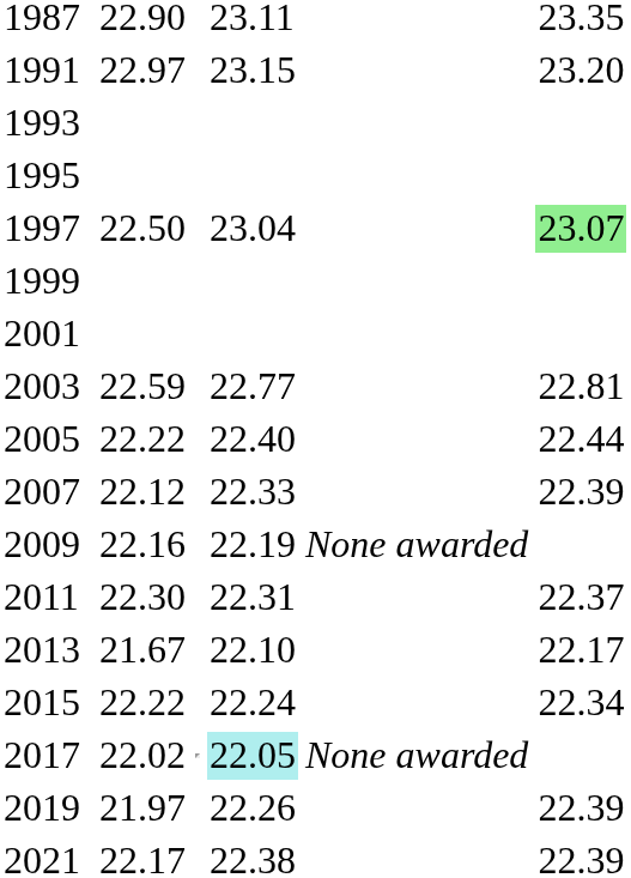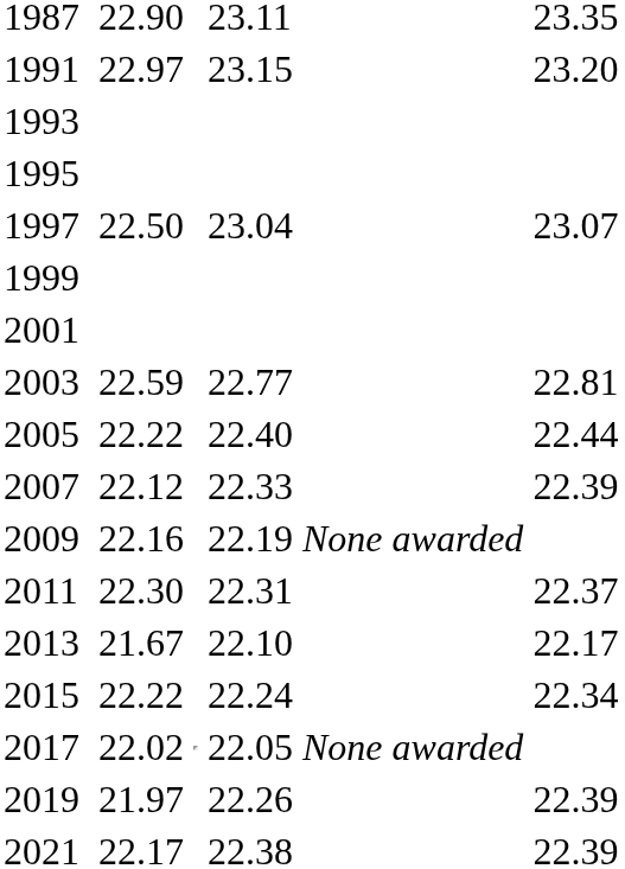 <table>
 <tr>
 <td>1987</td>
 <td></td>
 <td>22.90</td>
 <td></td>
 <td>23.11</td>
 <td></td>
 <td>23.35</td>
 </tr>
 <tr>
 <td>1991</td>
 <td></td>
 <td>22.97</td>
 <td></td>
 <td>23.15</td>
 <td><br></td>
 <td>23.20</td>
 </tr>
 <tr>
 <td>1993</td>
 <td></td>
 <td></td>
 <td></td>
 <td></td>
 <td></td>
 <td></td>
 </tr>
 <tr>
 <td>1995</td>
 <td></td>
 <td></td>
 <td></td>
 <td></td>
 <td></td>
 <td></td>
 </tr>
 <tr>
 <td>1997</td>
 <td></td>
 <td>22.50</td>
 <td></td>
 <td>23.04</td>
 <td></td>
-<td style="background: lightgreen;">23.07</td>
+<td>23.07</td>
 </tr>
 <tr>
 <td>1999</td>
 <td></td>
 <td></td>
 <td></td>
 <td></td>
 <td></td>
 <td></td>
 </tr>
 <tr>
 <td>2001</td>
 <td></td>
 <td></td>
 <td></td>
 <td></td>
 <td></td>
 <td></td>
 </tr>
 <tr>
 <td>2003</td>
 <td></td>
 <td>22.59</td>
 <td></td>
 <td>22.77</td>
 <td></td>
 <td>22.81</td>
 </tr>
 <tr>
 <td>2005</td>
 <td></td>
 <td>22.22</td>
 <td></td>
 <td>22.40</td>
 <td></td>
 <td>22.44</td>
 </tr>
 <tr>
 <td>2007</td>
 <td></td>
 <td>22.12</td>
 <td></td>
 <td>22.33</td>
 <td></td>
 <td>22.39</td>
 </tr>
 <tr>
 <td>2009</td>
 <td></td>
 <td>22.16</td>
 <td> <br> </td>
 <td>22.19</td>
 <td><em>None awarded</em></td>
 <td></td>
 </tr>
 <tr>
 <td>2011</td>
 <td></td>
 <td>22.30</td>
 <td></td>
 <td>22.31</td>
 <td></td>
 <td>22.37</td>
 </tr>
 <tr>
 <td>2013</td>
 <td></td>
 <td>21.67</td>
 <td></td>
 <td>22.10</td>
 <td></td>
 <td>22.17</td>
 </tr>
 <tr>
 <td>2015</td>
 <td></td>
 <td>22.22</td>
 <td></td>
 <td>22.24</td>
 <td></td>
 <td>22.34</td>
 </tr>
 <tr>
 <td>2017</td>
 <td></td>
 <td>22.02</td>
 <td><hr></td>
-<td style="background: paleturquoise;">22.05</td>
+<td>22.05</td>
 <td><em>None awarded</em></td>
 <td></td>
 </tr>
 <tr>
 <td>2019</td>
 <td></td>
 <td>21.97</td>
 <td></td>
 <td>22.26</td>
 <td></td>
 <td>22.39</td>
 </tr>
 <tr>
 <td>2021</td>
 <td></td>
 <td>22.17</td>
 <td></td>
 <td>22.38</td>
 <td></td>
 <td>22.39</td>
 </tr>
 <tr>
 </tr>
 </table>
